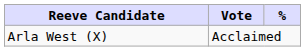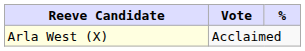 <table class="wikitable">
 <tr>
 <th style="background:#ddf; width:200px;">Reeve Candidate</th>
 <th style="background:#ddf; width:50px;">Vote</th>
 <th style="background:#ddf; width:30px;">%</th>
 </tr>
 <tr>
-<td>Arla West (X)</td>
+<td style="background: lightyellow;">Arla West (X)</td>
 <td colspan="2">Acclaimed</td>
 </tr>
 </table>
